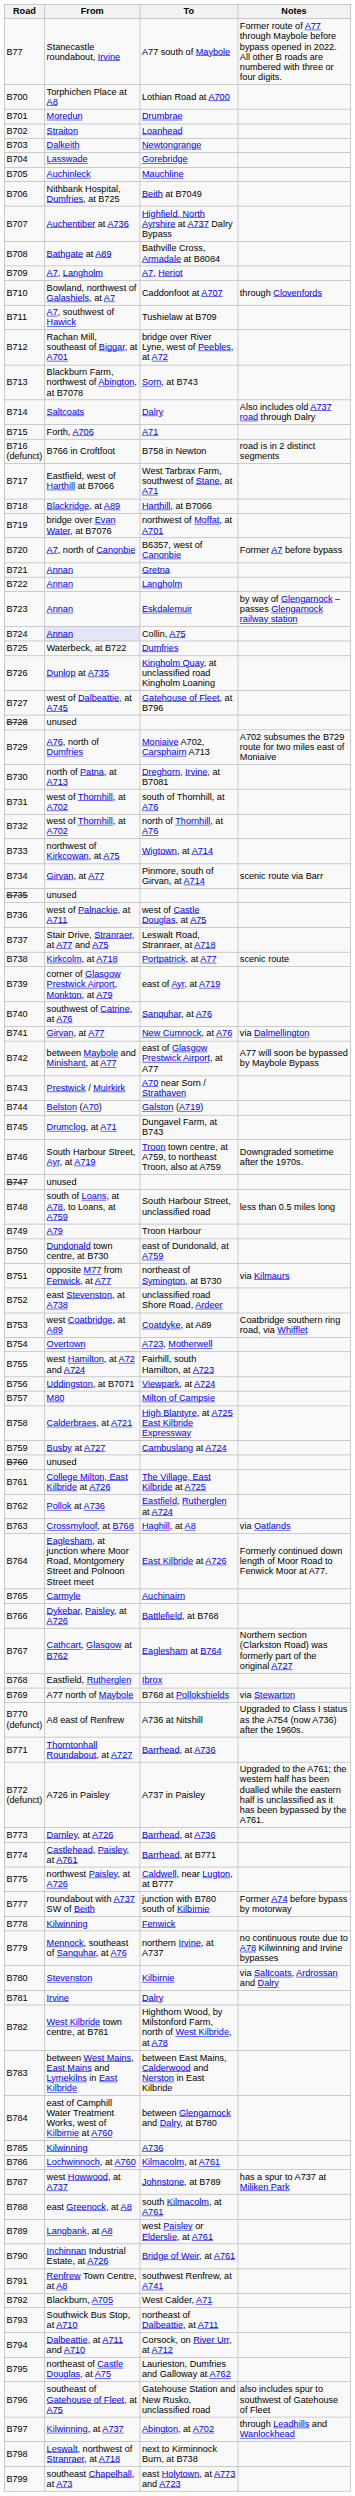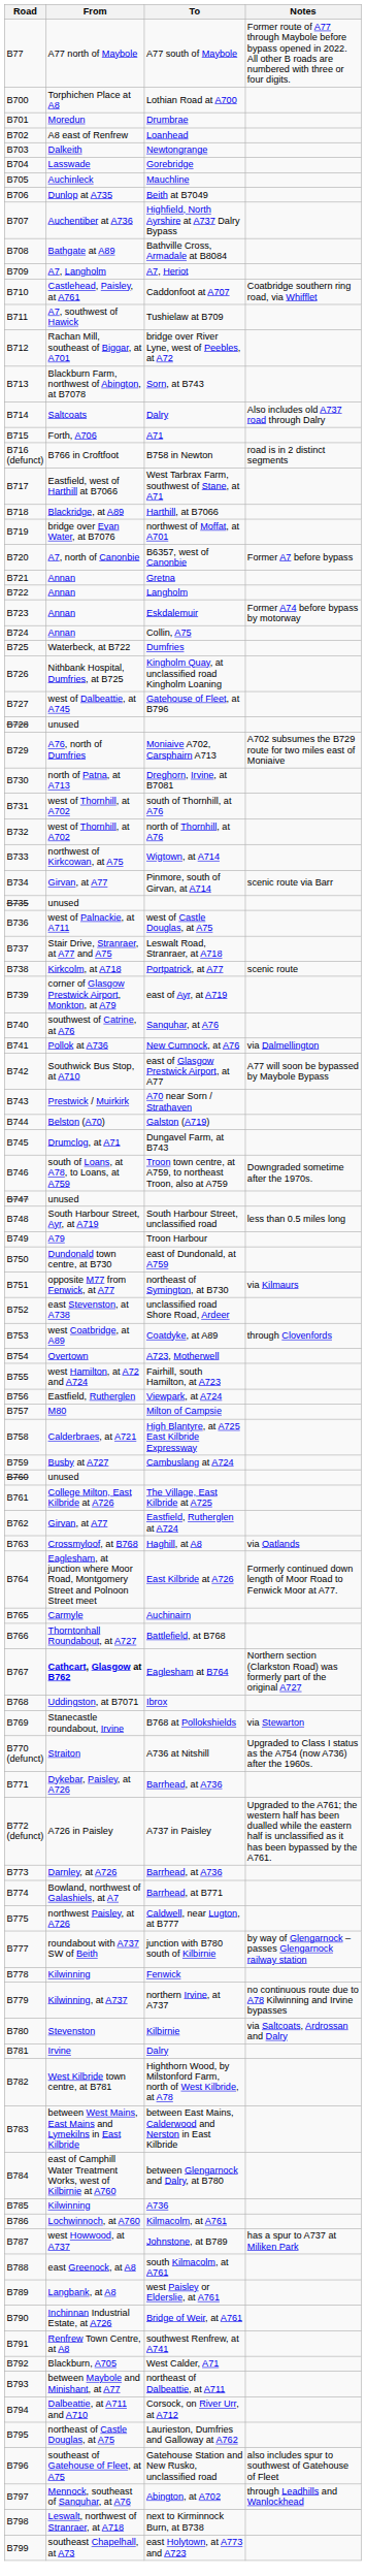 <table class="wikitable">
 <tr>
 <th style="width:50px">Road</th>
 <th style="width:300px">From</th>
 <th style="width:300px">To</th>
 <th style="width:400px">Notes</th>
 </tr>
 <tr>
 <td>B77</td>
-<td>Stanecastle roundabout, <a href='#'>Irvine</a></td>
+<td>A77 north of <a href='#'>Maybole</a></td>
 <td>A77 south of <a href='#'>Maybole</a></td>
 <td>Former route of <a href='#'>A77</a> through Maybole before bypass opened in 2022. All other B roads are numbered with three or four digits.</td>
 </tr>
 <tr>
 <td>B700</td>
 <td>Torphichen Place at <a href='#'>A8</a></td>
 <td>Lothian Road at <a href='#'>A700</a></td>
 <td></td>
 </tr>
 <tr>
 <td>B701</td>
 <td><a href='#'>Moredun</a></td>
 <td><a href='#'>Drumbrae</a></td>
 <td></td>
 </tr>
 <tr>
 <td>B702</td>
-<td><a href='#'>Straiton</a></td>
+<td>A8 east of Renfrew</td>
 <td><a href='#'>Loanhead</a></td>
 <td></td>
 </tr>
 <tr>
 <td>B703</td>
 <td><a href='#'>Dalkeith</a></td>
 <td><a href='#'>Newtongrange</a></td>
 <td></td>
 </tr>
 <tr>
 <td>B704</td>
 <td><a href='#'>Lasswade</a></td>
 <td><a href='#'>Gorebridge</a></td>
 <td></td>
 </tr>
 <tr>
 <td>B705</td>
 <td><a href='#'>Auchinleck</a></td>
 <td><a href='#'>Mauchline</a></td>
 <td></td>
 </tr>
 <tr>
 <td>B706</td>
-<td>Nithbank Hospital, <a href='#'>Dumfries</a>, at B725</td>
+<td><a href='#'>Dunlop</a> at <a href='#'>A735</a></td>
 <td><a href='#'>Beith</a> at B7049</td>
 <td></td>
 </tr>
 <tr>
 <td>B707</td>
 <td><a href='#'>Auchentiber</a> at <a href='#'>A736</a></td>
 <td><a href='#'>Highfield, North Ayrshire</a> at <a href='#'>A737</a> Dalry Bypass</td>
 <td></td>
 </tr>
 <tr>
 <td>B708</td>
 <td><a href='#'>Bathgate</a> at <a href='#'>A89</a></td>
 <td>Bathville Cross, <a href='#'>Armadale</a> at B8084</td>
 <td></td>
 </tr>
 <tr>
 <td>B709</td>
 <td><a href='#'>A7</a>, <a href='#'>Langholm</a></td>
 <td><a href='#'>A7</a>, <a href='#'>Heriot</a></td>
 <td></td>
 </tr>
 <tr>
 <td>B710</td>
-<td>Bowland, northwest of <a href='#'>Galashiels</a>, at <a href='#'>A7</a></td>
+<td><a href='#'>Castlehead</a>, <a href='#'>Paisley</a>, at <a href='#'>A761</a></td>
 <td>Caddonfoot at <a href='#'>A707</a></td>
-<td>through <a href='#'>Clovenfords</a></td>
+<td>Coatbridge southern ring road, via <a href='#'>Whifflet</a></td>
 </tr>
 <tr>
 <td>B711</td>
 <td><a href='#'>A7</a>, southwest of <a href='#'>Hawick</a></td>
 <td>Tushielaw at B709</td>
 <td></td>
 </tr>
 <tr>
 <td>B712</td>
 <td>Rachan Mill, southeast of <a href='#'>Biggar</a>, at <a href='#'>A701</a></td>
 <td>bridge over River Lyne, west of <a href='#'>Peebles</a>, at <a href='#'>A72</a></td>
 <td></td>
 </tr>
 <tr>
 <td>B713</td>
 <td>Blackburn Farm, northwest of <a href='#'>Abington</a>, at B7078</td>
 <td><a href='#'>Sorn</a>, at B743</td>
 <td></td>
 </tr>
 <tr>
 <td>B714</td>
 <td><a href='#'>Saltcoats</a></td>
 <td><a href='#'>Dalry</a></td>
 <td>Also includes old <a href='#'>A737 road</a> through Dalry</td>
 </tr>
 <tr>
 <td>B715</td>
 <td>Forth, <a href='#'>A706</a></td>
 <td><a href='#'>A71</a></td>
 <td></td>
 </tr>
 <tr>
 <td>B716 (defunct)</td>
 <td>B766 in Croftfoot</td>
 <td>B758 in Newton</td>
 <td>road is in 2 distinct segments</td>
 </tr>
 <tr>
 <td>B717</td>
 <td>Eastfield, west of <a href='#'>Harthill</a> at B7066</td>
 <td>West Tarbrax Farm, southwest of <a href='#'>Stane</a>, at <a href='#'>A71</a></td>
 <td></td>
 </tr>
 <tr>
 <td>B718</td>
 <td><a href='#'>Blackridge</a>, at <a href='#'>A89</a></td>
 <td><a href='#'>Harthill</a>, at B7066</td>
 <td></td>
 </tr>
 <tr>
 <td>B719</td>
 <td>bridge over <a href='#'>Evan Water</a>, at B7076</td>
 <td>northwest of <a href='#'>Moffat</a>, at <a href='#'>A701</a></td>
 <td></td>
 </tr>
 <tr>
 <td>B720</td>
 <td><a href='#'>A7</a>, north of <a href='#'>Canonbie</a></td>
 <td>B6357, west of <a href='#'>Canonbie</a></td>
 <td>Former <a href='#'>A7</a> before bypass</td>
 </tr>
 <tr>
 <td>B721</td>
 <td><a href='#'>Annan</a></td>
 <td><a href='#'>Gretna</a></td>
 <td></td>
 </tr>
 <tr>
 <td>B722</td>
 <td><a href='#'>Annan</a></td>
 <td><a href='#'>Langholm</a></td>
 <td></td>
 </tr>
 <tr>
 <td>B723</td>
 <td><a href='#'>Annan</a></td>
 <td><a href='#'>Eskdalemuir</a></td>
-<td>by way of <a href='#'>Glengarnock</a> – passes <a href='#'>Glengarnock railway station</a></td>
+<td>Former <a href='#'>A74</a> before bypass by motorway</td>
 </tr>
 <tr>
 <td>B724</td>
-<td style="background: lavender;"><a href='#'>Annan</a></td>
+<td><a href='#'>Annan</a></td>
 <td>Collin, <a href='#'>A75</a></td>
 <td></td>
 </tr>
 <tr>
 <td>B725</td>
 <td>Waterbeck, at B722</td>
 <td><a href='#'>Dumfries</a></td>
 <td></td>
 </tr>
 <tr>
 <td>B726</td>
-<td><a href='#'>Dunlop</a> at <a href='#'>A735</a></td>
+<td>Nithbank Hospital, <a href='#'>Dumfries</a>, at B725</td>
 <td><a href='#'>Kingholm Quay</a>, at unclassified road Kingholm Loaning</td>
 <td></td>
 </tr>
 <tr>
 <td>B727</td>
 <td>west of <a href='#'>Dalbeattie</a>, at <a href='#'>A745</a></td>
 <td><a href='#'>Gatehouse of Fleet</a>, at B796</td>
 <td></td>
 </tr>
 <tr>
 <td><s>B728</s></td>
 <td>unused</td>
 <td></td>
 <td></td>
 </tr>
 <tr>
 <td>B729</td>
 <td><a href='#'>A76</a>, north of <a href='#'>Dumfries</a></td>
 <td><a href='#'>Moniaive</a> A702, <a href='#'>Carsphairn</a> A713</td>
 <td>A702 subsumes the B729 route for two miles east of Moniaive</td>
 </tr>
 <tr>
 <td>B730</td>
 <td>north of <a href='#'>Patna</a>, at <a href='#'>A713</a></td>
 <td><a href='#'>Dreghorn</a>, <a href='#'>Irvine</a>, at B7081</td>
 <td></td>
 </tr>
 <tr>
 <td>B731</td>
 <td>west of <a href='#'>Thornhill</a>, at <a href='#'>A702</a></td>
 <td>south of Thornhill, at <a href='#'>A76</a></td>
 <td></td>
 </tr>
 <tr>
 <td>B732</td>
 <td>west of <a href='#'>Thornhill</a>, at <a href='#'>A702</a></td>
 <td>north of <a href='#'>Thornhill</a>, at <a href='#'>A76</a></td>
 <td></td>
 </tr>
 <tr>
 <td>B733</td>
 <td>northwest of <a href='#'>Kirkcowan</a>, at <a href='#'>A75</a></td>
 <td><a href='#'>Wigtown</a>, at <a href='#'>A714</a></td>
 <td></td>
 </tr>
 <tr>
 <td>B734</td>
 <td><a href='#'>Girvan</a>, at <a href='#'>A77</a></td>
 <td>Pinmore, south of Girvan, at <a href='#'>A714</a></td>
 <td>scenic route via Barr</td>
 </tr>
 <tr>
 <td><s>B735</s></td>
 <td>unused</td>
 <td></td>
 <td></td>
 </tr>
 <tr>
 <td>B736</td>
 <td>west of <a href='#'>Palnackie</a>, at <a href='#'>A711</a></td>
 <td>west of <a href='#'>Castle Douglas</a>, at <a href='#'>A75</a></td>
 <td></td>
 </tr>
 <tr>
 <td>B737</td>
 <td>Stair Drive, <a href='#'>Stranraer</a>, at <a href='#'>A77</a> and <a href='#'>A75</a></td>
 <td>Leswalt Road, Stranraer, at <a href='#'>A718</a></td>
 <td></td>
 </tr>
 <tr>
 <td>B738</td>
 <td><a href='#'>Kirkcolm</a>, at <a href='#'>A718</a></td>
 <td><a href='#'>Portpatrick</a>, at <a href='#'>A77</a></td>
 <td>scenic route</td>
 </tr>
 <tr>
 <td>B739</td>
 <td>corner of <a href='#'>Glasgow Prestwick Airport</a>, <a href='#'>Monkton</a>, at <a href='#'>A79</a></td>
 <td>east of <a href='#'>Ayr</a>, at <a href='#'>A719</a></td>
 <td></td>
 </tr>
 <tr>
 <td>B740</td>
 <td>southwest of <a href='#'>Catrine</a>, at <a href='#'>A76</a></td>
 <td><a href='#'>Sanquhar</a>, at <a href='#'>A76</a></td>
 <td></td>
 </tr>
 <tr>
 <td>B741</td>
-<td><a href='#'>Girvan</a>, at <a href='#'>A77</a></td>
+<td><a href='#'>Pollok</a> at <a href='#'>A736</a></td>
 <td><a href='#'>New Cumnock</a>, at <a href='#'>A76</a></td>
 <td>via <a href='#'>Dalmellington</a></td>
 </tr>
 <tr>
 <td>B742</td>
-<td>between <a href='#'>Maybole</a> and <a href='#'>Minishant</a>, at <a href='#'>A77</a></td>
+<td>Southwick Bus Stop, at <a href='#'>A710</a></td>
 <td>east of <a href='#'>Glasgow Prestwick Airport</a>, at A77</td>
 <td>A77 will soon be bypassed by Maybole Bypass</td>
 </tr>
 <tr>
 <td>B743</td>
 <td><a href='#'>Prestwick</a> / <a href='#'>Muirkirk</a></td>
 <td><a href='#'>A70</a> near Sorn / <a href='#'>Strathaven</a></td>
 <td></td>
 </tr>
 <tr>
 <td>B744</td>
 <td><a href='#'>Belston</a> (<a href='#'>A70</a>)</td>
 <td><a href='#'>Galston</a> (<a href='#'>A719</a>)</td>
 <td></td>
 </tr>
 <tr>
 <td>B745</td>
 <td><a href='#'>Drumclog</a>, at <a href='#'>A71</a></td>
 <td>Dungavel Farm, at B743</td>
 <td></td>
 </tr>
 <tr>
 <td>B746</td>
-<td>South Harbour Street, <a href='#'>Ayr</a>, at <a href='#'>A719</a></td>
+<td>south of <a href='#'>Loans</a>, at <a href='#'>A78</a>, to Loans, at <a href='#'>A759</a></td>
 <td><a href='#'>Troon</a> town centre, at A759, to northeast Troon, also at A759</td>
 <td>Downgraded sometime after the 1970s.</td>
 </tr>
 <tr>
 <td><s>B747</s></td>
 <td>unused</td>
 <td></td>
 <td></td>
 </tr>
 <tr>
 <td>B748</td>
-<td>south of <a href='#'>Loans</a>, at <a href='#'>A78</a>, to Loans, at <a href='#'>A759</a></td>
+<td>South Harbour Street, <a href='#'>Ayr</a>, at <a href='#'>A719</a></td>
 <td>South Harbour Street, unclassified road</td>
 <td>less than 0.5 miles long</td>
 </tr>
 <tr>
 <td>B749</td>
 <td><a href='#'>A79</a></td>
 <td>Troon Harbour</td>
 <td></td>
 </tr>
 <tr>
 <td>B750</td>
 <td><a href='#'>Dundonald</a> town centre, at B730</td>
 <td>east of Dundonald, at <a href='#'>A759</a></td>
 <td></td>
 </tr>
 <tr>
 <td>B751</td>
 <td>opposite <a href='#'>M77</a> from <a href='#'>Fenwick</a>, at <a href='#'>A77</a></td>
 <td>northeast of <a href='#'>Symington</a>, at B730</td>
 <td>via <a href='#'>Kilmaurs</a></td>
 </tr>
 <tr>
 <td>B752</td>
 <td>east <a href='#'>Stevenston</a>, at <a href='#'>A738</a></td>
 <td>unclassified road Shore Road, <a href='#'>Ardeer</a></td>
 <td></td>
 </tr>
 <tr>
 <td>B753</td>
 <td>west <a href='#'>Coatbridge</a>, at <a href='#'>A89</a></td>
 <td><a href='#'>Coatdyke</a>, at A89</td>
-<td>Coatbridge southern ring road, via <a href='#'>Whifflet</a></td>
+<td>through <a href='#'>Clovenfords</a></td>
 </tr>
 <tr>
 <td>B754</td>
 <td><a href='#'>Overtown</a></td>
 <td><a href='#'>A723</a>, <a href='#'>Motherwell</a></td>
 <td></td>
 </tr>
 <tr>
 <td>B755</td>
 <td>west <a href='#'>Hamilton</a>, at <a href='#'>A72</a> and <a href='#'>A724</a></td>
 <td>Fairhill, south Hamilton, at <a href='#'>A723</a></td>
 <td></td>
 </tr>
 <tr>
 <td>B756</td>
-<td><a href='#'>Uddingston</a>, at B7071</td>
+<td>Eastfield, <a href='#'>Rutherglen</a></td>
 <td><a href='#'>Viewpark</a>, at <a href='#'>A724</a></td>
 <td></td>
 </tr>
 <tr>
 <td>B757</td>
 <td><a href='#'>M80</a></td>
 <td><a href='#'>Milton of Campsie</a></td>
 <td></td>
 </tr>
 <tr>
 <td>B758</td>
 <td><a href='#'>Calderbraes</a>, at <a href='#'>A721</a></td>
 <td><a href='#'>High Blantyre</a>, at <a href='#'>A725</a> <a href='#'>East Kilbride Expressway</a></td>
 <td></td>
 </tr>
 <tr>
 <td>B759</td>
 <td><a href='#'>Busby</a> at <a href='#'>A727</a></td>
 <td><a href='#'>Cambuslang</a> at <a href='#'>A724</a></td>
 <td></td>
 </tr>
 <tr>
 <td><s>B760</s></td>
 <td>unused</td>
 <td></td>
 <td></td>
 </tr>
 <tr>
 <td>B761</td>
 <td><a href='#'>College Milton, East Kilbride</a> at <a href='#'>A726</a></td>
 <td><a href='#'>The Village, East Kilbride</a> at <a href='#'>A725</a></td>
 <td></td>
 </tr>
 <tr>
 <td>B762</td>
-<td><a href='#'>Pollok</a> at <a href='#'>A736</a></td>
+<td><a href='#'>Girvan</a>, at <a href='#'>A77</a></td>
 <td><a href='#'>Eastfield</a>, <a href='#'>Rutherglen</a> at <a href='#'>A724</a></td>
 <td></td>
 </tr>
 <tr>
 <td>B763</td>
 <td><a href='#'>Crossmyloof</a>, at <a href='#'>B768</a></td>
 <td><a href='#'>Haghill</a>, at <a href='#'>A8</a></td>
 <td>via <a href='#'>Oatlands</a></td>
 </tr>
 <tr>
 <td>B764</td>
 <td><a href='#'>Eaglesham</a>, at junction where Moor Road, Montgomery Street and Polnoon Street meet</td>
 <td><a href='#'>East Kilbride</a> at <a href='#'>A726</a></td>
 <td>Formerly continued down length of Moor Road to Fenwick Moor at A77.</td>
 </tr>
 <tr>
 <td>B765</td>
 <td><a href='#'>Carmyle</a></td>
 <td><a href='#'>Auchinairn</a></td>
 <td></td>
 </tr>
 <tr>
 <td>B766</td>
-<td><a href='#'>Dykebar</a>, <a href='#'>Paisley</a>, at <a href='#'>A726</a></td>
+<td><a href='#'>Thorntonhall Roundabout</a>, at <a href='#'>A727</a></td>
 <td><a href='#'>Battlefield</a>, at B768</td>
 <td></td>
 </tr>
 <tr>
 <td>B767</td>
-<td><a href='#'>Cathcart</a>, <a href='#'>Glasgow</a> at <a href='#'>B762</a></td>
+<td><strong><a href='#'>Cathcart</a>, <a href='#'>Glasgow</a> at <a href='#'>B762</a></strong></td>
 <td><a href='#'>Eaglesham</a> at <a href='#'>B764</a></td>
 <td>Northern section (Clarkston Road) was formerly part of the original <a href='#'>A727</a></td>
 </tr>
 <tr>
 <td>B768</td>
-<td>Eastfield, <a href='#'>Rutherglen</a></td>
+<td><a href='#'>Uddingston</a>, at B7071</td>
 <td><a href='#'>Ibrox</a></td>
 <td></td>
 </tr>
 <tr>
 <td>B769</td>
-<td>A77 north of <a href='#'>Maybole</a></td>
+<td>Stanecastle roundabout, <a href='#'>Irvine</a></td>
 <td>B768 at <a href='#'>Pollokshields</a></td>
 <td>via <a href='#'>Stewarton</a></td>
 </tr>
 <tr>
 <td>B770 (defunct)</td>
-<td>A8 east of Renfrew</td>
+<td><a href='#'>Straiton</a></td>
 <td>A736 at Nitshill</td>
 <td>Upgraded to Class I status as the A754 (now A736) after the 1960s.</td>
 </tr>
 <tr>
 <td>B771</td>
-<td><a href='#'>Thorntonhall Roundabout</a>, at <a href='#'>A727</a></td>
+<td><a href='#'>Dykebar</a>, <a href='#'>Paisley</a>, at <a href='#'>A726</a></td>
 <td><a href='#'>Barrhead</a>, at <a href='#'>A736</a></td>
 <td></td>
 </tr>
 <tr>
 <td>B772 (defunct)</td>
 <td>A726 in Paisley</td>
 <td>A737 in Paisley</td>
 <td>Upgraded to the A761; the western half has been dualled while the eastern half is unclassified as it has been bypassed by the A761.</td>
 </tr>
 <tr>
 <td>B773</td>
 <td><a href='#'>Darnley</a>, at <a href='#'>A726</a></td>
 <td><a href='#'>Barrhead</a>, at <a href='#'>A736</a></td>
 <td></td>
 </tr>
 <tr>
 <td>B774</td>
-<td><a href='#'>Castlehead</a>, <a href='#'>Paisley</a>, at <a href='#'>A761</a></td>
+<td>Bowland, northwest of <a href='#'>Galashiels</a>, at <a href='#'>A7</a></td>
 <td><a href='#'>Barrhead</a>, at B771</td>
 <td></td>
 </tr>
 <tr>
 <td>B775</td>
 <td>northwest <a href='#'>Paisley</a>, at <a href='#'>A726</a></td>
 <td><a href='#'>Caldwell</a>, near <a href='#'>Lugton</a>, at B777</td>
 <td></td>
 </tr>
 <tr>
 <td>B777</td>
 <td>roundabout with <a href='#'>A737</a> SW of <a href='#'>Beith</a></td>
 <td>junction with B780 south of <a href='#'>Kilbirnie</a></td>
-<td>Former <a href='#'>A74</a> before bypass by motorway</td>
+<td>by way of <a href='#'>Glengarnock</a> – passes <a href='#'>Glengarnock railway station</a></td>
 </tr>
 <tr>
 <td>B778</td>
 <td><a href='#'>Kilwinning</a></td>
 <td><a href='#'>Fenwick</a></td>
 <td></td>
 </tr>
 <tr>
 <td>B779</td>
-<td><a href='#'>Mennock</a>, southeast of <a href='#'>Sanquhar</a>, at <a href='#'>A76</a></td>
+<td><a href='#'>Kilwinning</a>, at <a href='#'>A737</a></td>
 <td>northern <a href='#'>Irvine</a>, at A737</td>
 <td>no continuous route due to <a href='#'>A78</a> Kilwinning and Irvine bypasses</td>
 </tr>
 <tr>
 <td>B780</td>
 <td><a href='#'>Stevenston</a></td>
 <td><a href='#'>Kilbirnie</a></td>
 <td>via <a href='#'>Saltcoats</a>, <a href='#'>Ardrossan</a> and <a href='#'>Dalry</a></td>
 </tr>
 <tr>
 <td>B781</td>
 <td><a href='#'>Irvine</a></td>
 <td><a href='#'>Dalry</a></td>
 <td></td>
 </tr>
 <tr>
 <td>B782</td>
 <td><a href='#'>West Kilbride</a> town centre, at B781</td>
 <td>Highthorn Wood, by Milstonford Farm, north of <a href='#'>West Kilbride</a>, at <a href='#'>A78</a></td>
 <td></td>
 </tr>
 <tr>
 <td>B783</td>
 <td>between <a href='#'>West Mains</a>, <a href='#'>East Mains</a> and <a href='#'>Lymekilns</a> in <a href='#'>East Kilbride</a></td>
 <td>between East Mains, <a href='#'>Calderwood</a> and <a href='#'>Nerston</a> in East Kilbride</td>
 <td></td>
 </tr>
 <tr>
 <td>B784</td>
 <td>east of Camphill Water Treatment Works, west of <a href='#'>Kilbirnie</a> at <a href='#'>A760</a></td>
 <td>between <a href='#'>Glengarnock</a> and <a href='#'>Dalry</a>, at B780</td>
 <td></td>
 </tr>
 <tr>
 <td>B785</td>
 <td><a href='#'>Kilwinning</a></td>
 <td><a href='#'>A736</a></td>
 <td></td>
 </tr>
 <tr>
 <td>B786</td>
 <td><a href='#'>Lochwinnoch</a>, at <a href='#'>A760</a></td>
 <td><a href='#'>Kilmacolm</a>, at <a href='#'>A761</a></td>
 <td></td>
 </tr>
 <tr>
 <td>B787</td>
 <td>west <a href='#'>Howwood</a>, at <a href='#'>A737</a></td>
 <td><a href='#'>Johnstone</a>, at B789</td>
 <td>has a spur to A737 at <a href='#'>Miliken Park</a></td>
 </tr>
 <tr>
 <td>B788</td>
 <td>east <a href='#'>Greenock</a>, at <a href='#'>A8</a></td>
 <td>south <a href='#'>Kilmacolm</a>, at <a href='#'>A761</a></td>
 <td></td>
 </tr>
 <tr>
 <td>B789</td>
 <td><a href='#'>Langbank</a>, at <a href='#'>A8</a></td>
 <td>west <a href='#'>Paisley</a> or <a href='#'>Elderslie</a>, at <a href='#'>A761</a></td>
 <td></td>
 </tr>
 <tr>
 <td>B790</td>
 <td><a href='#'>Inchinnan</a> Industrial Estate, at <a href='#'>A726</a></td>
 <td><a href='#'>Bridge of Weir</a>, at <a href='#'>A761</a></td>
 <td></td>
 </tr>
 <tr>
 <td>B791</td>
 <td><a href='#'>Renfrew</a> Town Centre, at <a href='#'>A8</a></td>
 <td>southwest Renfrew, at <a href='#'>A741</a></td>
 <td></td>
 </tr>
 <tr>
 <td>B792</td>
 <td>Blackburn, <a href='#'>A705</a></td>
 <td>West Calder, <a href='#'>A71</a></td>
 <td></td>
 </tr>
 <tr>
 <td>B793</td>
-<td>Southwick Bus Stop, at <a href='#'>A710</a></td>
+<td>between <a href='#'>Maybole</a> and <a href='#'>Minishant</a>, at <a href='#'>A77</a></td>
 <td>northeast of <a href='#'>Dalbeattie</a>, at <a href='#'>A711</a></td>
 <td></td>
 </tr>
 <tr>
 <td>B794</td>
 <td><a href='#'>Dalbeattie</a>, at <a href='#'>A711</a> and <a href='#'>A710</a></td>
 <td>Corsock, on <a href='#'>River Urr</a>, at <a href='#'>A712</a></td>
 <td></td>
 </tr>
 <tr>
 <td>B795</td>
 <td>northeast of <a href='#'>Castle Douglas</a>, at <a href='#'>A75</a></td>
 <td>Laurieston, Dumfries and Galloway at <a href='#'>A762</a></td>
 <td></td>
 </tr>
 <tr>
 <td>B796</td>
 <td>southeast of <a href='#'>Gatehouse of Fleet</a>, at <a href='#'>A75</a></td>
 <td>Gatehouse Station and New Rusko, unclassified road</td>
 <td>also includes spur to southwest of Gatehouse of Fleet</td>
 </tr>
 <tr>
 <td>B797</td>
-<td><a href='#'>Kilwinning</a>, at <a href='#'>A737</a></td>
+<td><a href='#'>Mennock</a>, southeast of <a href='#'>Sanquhar</a>, at <a href='#'>A76</a></td>
 <td><a href='#'>Abington</a>, at <a href='#'>A702</a></td>
 <td>through <a href='#'>Leadhills</a> and <a href='#'>Wanlockhead</a></td>
 </tr>
 <tr>
 <td>B798</td>
 <td><a href='#'>Leswalt</a>, northwest of <a href='#'>Stranraer</a>, at <a href='#'>A718</a></td>
 <td>next to Kirminnock Burn, at B738</td>
 <td></td>
 </tr>
 <tr>
 <td>B799</td>
 <td>southeast <a href='#'>Chapelhall</a>, at <a href='#'>A73</a></td>
 <td>east <a href='#'>Holytown</a>, at <a href='#'>A773</a> and <a href='#'>A723</a></td>
 <td></td>
 </tr>
 </table>
